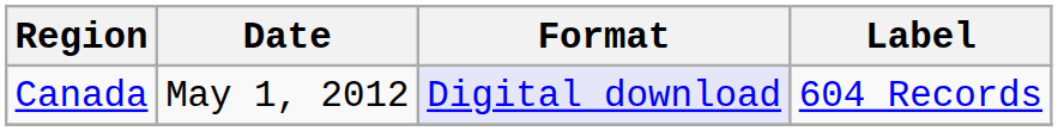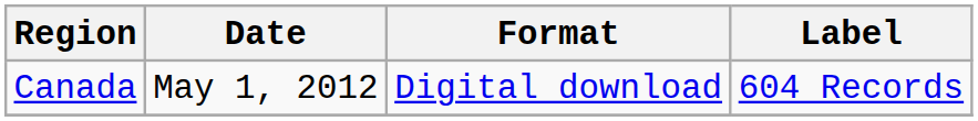 <table class=wikitable>
 <tr>
 <th>Region</th>
 <th>Date</th>
 <th>Format</th>
 <th>Label</th>
 </tr>
 <tr>
 <td><a href='#'>Canada</a></td>
 <td>May 1, 2012</td>
-<td style="background: lavender;"><a href='#'>Digital download</a></td>
+<td><a href='#'>Digital download</a></td>
 <td><a href='#'>604 Records</a></td>
 </tr>
 <tr>
 </tr>
 </table>
